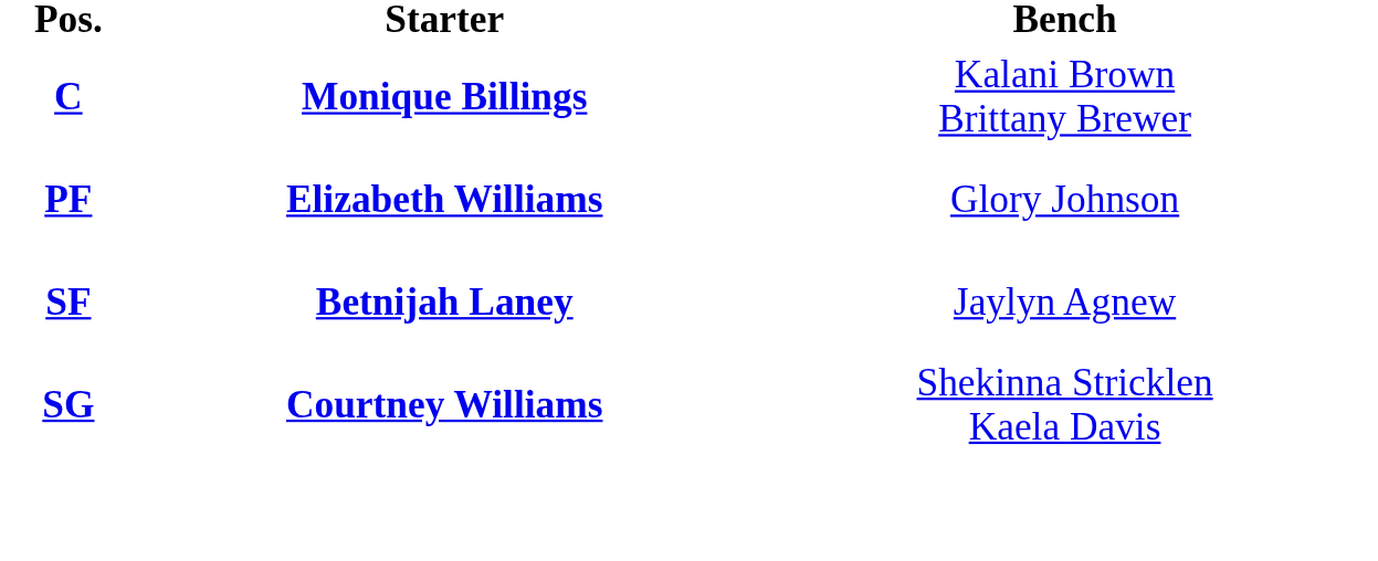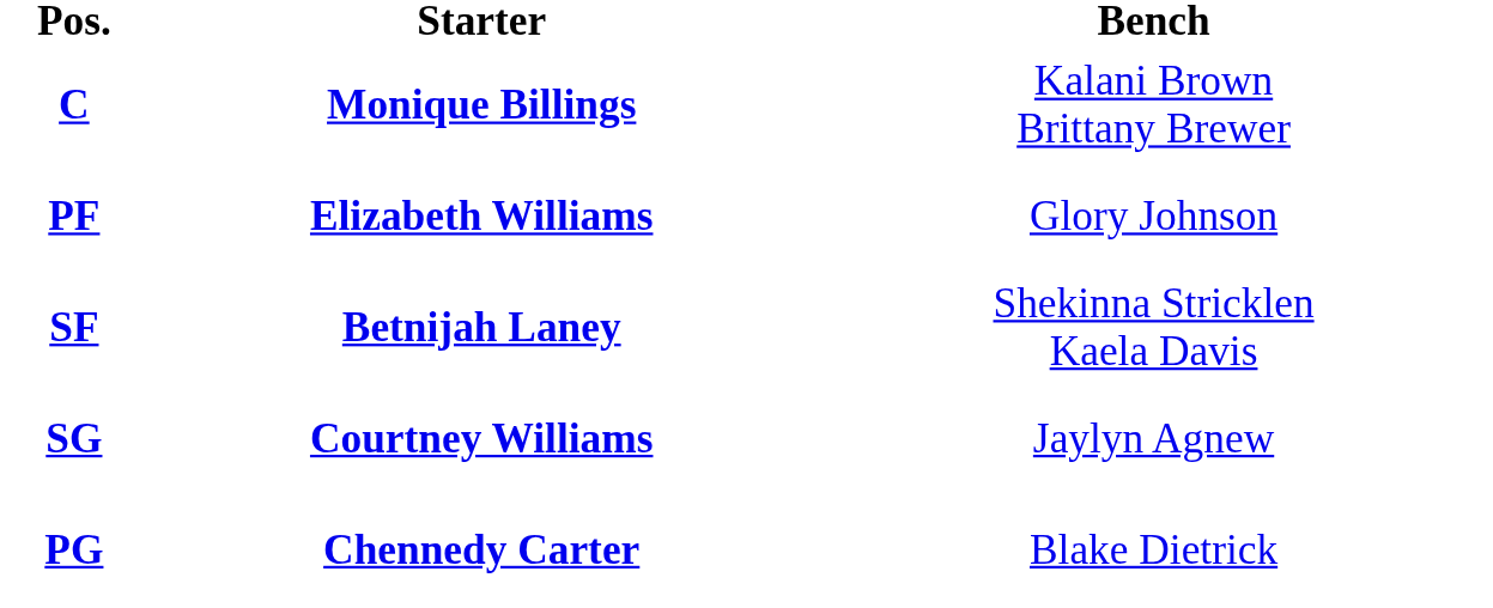 <table style="text-align:center; ">
 <tr>
 <th width="50">Pos.</th>
 <th width="250">Starter</th>
 <th width="250">Bench</th>
 </tr>
 <tr style="height:40px; background:white; color:#092C57">
 <th><a href='#'><span>C</span></a></th>
 <td><strong><a href='#'>Monique Billings</a></strong></td>
 <td><a href='#'>Kalani Brown</a><br><a href='#'>Brittany Brewer</a></td>
 </tr>
 <tr style="height:40px; background:white; color:#092C57">
 <th><a href='#'><span>PF</span></a></th>
 <td><strong><a href='#'>Elizabeth Williams</a></strong></td>
 <td><a href='#'>Glory Johnson</a></td>
 </tr>
 <tr style="height:40px; background:white; color:#092C57">
 <th><a href='#'><span>SF</span></a></th>
 <td><strong><a href='#'>Betnijah Laney</a></strong></td>
-<td><a href='#'>Jaylyn Agnew</a></td>
+<td><a href='#'>Shekinna Stricklen</a><br><a href='#'>Kaela Davis</a></td>
 </tr>
 <tr style="height:40px; background:white; color:#092C57">
 <th><a href='#'><span>SG</span></a></th>
 <td><strong><a href='#'>Courtney Williams</a></strong></td>
-<td><a href='#'>Shekinna Stricklen</a><br><a href='#'>Kaela Davis</a></td>
+<td><a href='#'>Jaylyn Agnew</a></td>
+</tr>
+<tr style="height:40px; background:white; color:#092C57">
+<th><a href='#'><span>PG</span></a></th>
+<td><strong><a href='#'>Chennedy Carter</a></strong></td>
+<td><a href='#'>Blake Dietrick</a></td>
 </tr>
 </table>
